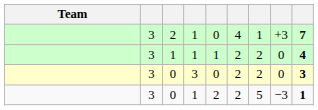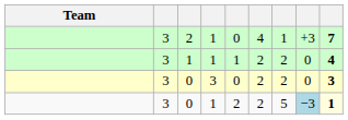 <table class="wikitable" style="text-align: center;">
 <tr>
 <th width=165>Team</th>
 <th width=20></th>
 <th width=20></th>
 <th width=20></th>
 <th width=20></th>
 <th width=20></th>
 <th width=20></th>
 <th width=20></th>
 <th width=20></th>
 </tr>
 <tr style="background:#cfc;">
 <td align=left></td>
 <td>3</td>
 <td>2</td>
 <td>1</td>
 <td>0</td>
 <td>4</td>
 <td>1</td>
 <td>+3</td>
 <td><strong>7</strong></td>
 </tr>
 <tr style="background:#cfc;">
 <td align=left></td>
 <td>3</td>
 <td>1</td>
 <td>1</td>
 <td>1</td>
 <td>2</td>
 <td>2</td>
 <td>0</td>
 <td><strong>4</strong></td>
 </tr>
 <tr style="background:#ffc;">
 <td align=left></td>
 <td>3</td>
 <td>0</td>
 <td>3</td>
 <td>0</td>
 <td>2</td>
 <td>2</td>
 <td>0</td>
 <td><strong>3</strong></td>
 </tr>
 <tr>
 <td align=left></td>
 <td>3</td>
 <td>0</td>
 <td>1</td>
 <td>2</td>
 <td>2</td>
 <td>5</td>
-<td>−3</td>
-<td><strong>1</strong></td>
+<td style="background: lightblue;">−3</td>
+<td style="background: lightyellow;"><strong>1</strong></td>
 </tr>
 </table>
